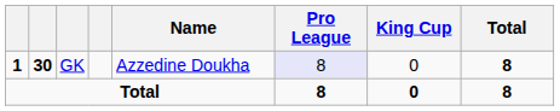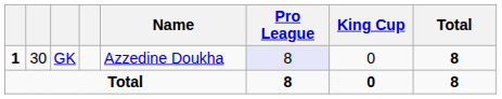 <table class="wikitable" style="text-align:center">
 <tr>
 <th width=15></th>
 <th width=15></th>
 <th width=15></th>
 <th width=15></th>
 <th width=145>Name</th>
 <th width=80><a href='#'>Pro League</a></th>
 <th width=80><a href='#'>King Cup</a></th>
 <th width=80>Total</th>
 </tr>
 <tr>
 <td><strong>1</strong></td>
-<td><strong>30</strong></td>
+<td>30</td>
 <td><a href='#'>GK</a></td>
 <td></td>
 <td align=left><a href='#'>Azzedine Doukha</a></td>
 <td style="background: lavender;">8</td>
 <td>0</td>
 <td><strong>8</strong></td>
 </tr>
 <tr>
 <td colspan=5><strong>Total</strong></td>
 <td><strong>8</strong></td>
 <td><strong>0</strong></td>
 <td><strong>8</strong></td>
 </tr>
 </table>
